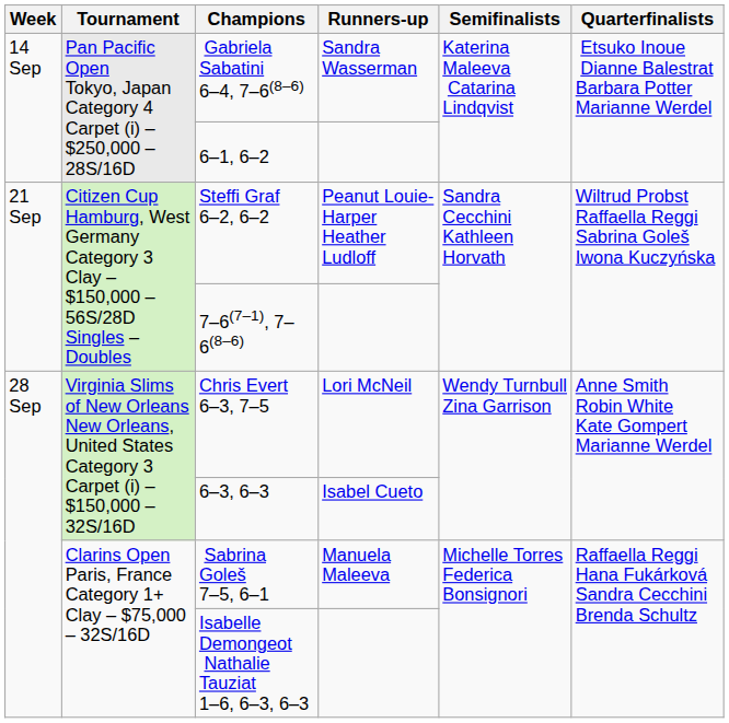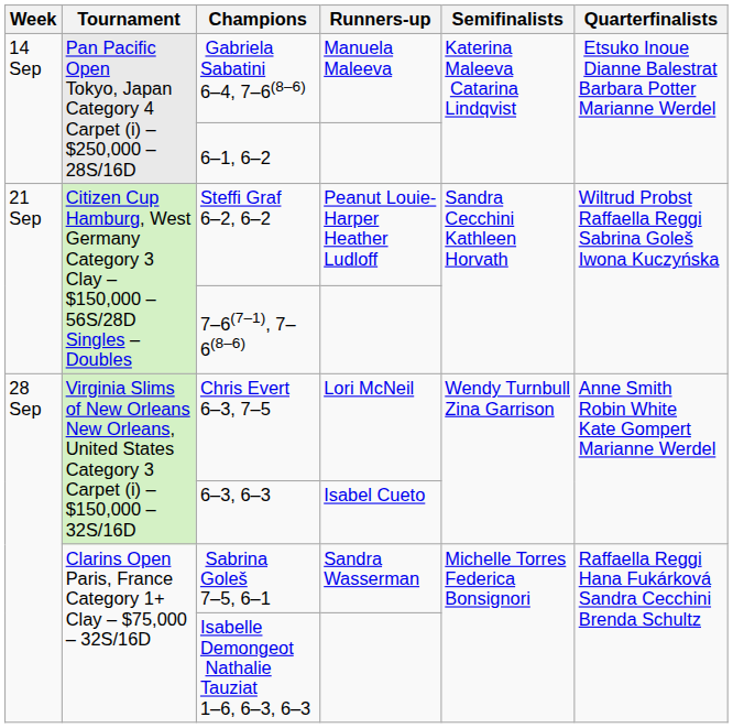 <table class=wikitable style=font-size:95%>
 <tr>
 <th style="width:48px;">Week</th>
 <th style="width:248px;">Tournament</th>
 <th style="width:200px;">Champions</th>
 <th style="width:200px;">Runners-up</th>
 <th style="width:190px;">Semifinalists</th>
 <th style="width:190px;">Quarterfinalists</th>
 </tr>
 <tr valign=top>
 <td rowspan=2>14 Sep</td>
 <td rowspan=2 style="background:#e9e9e9;"><a href='#'>Pan Pacific Open</a><br>Tokyo, Japan <br> Category 4 <br> Carpet (i) – $250,000 – 28S/16D</td>
 <td> <a href='#'>Gabriela Sabatini</a><br>6–4, 7–6<sup>(8–6)</sup></td>
-<td> <a href='#'>Sandra Wasserman</a></td>
+<td> <a href='#'>Manuela Maleeva</a></td>
 <td rowspan=2> <a href='#'>Katerina Maleeva</a><br> <a href='#'>Catarina Lindqvist</a> <br></td>
 <td rowspan=2> <a href='#'>Etsuko Inoue</a><br> <a href='#'>Dianne Balestrat</a><br> <a href='#'>Barbara Potter</a> <br> <a href='#'>Marianne Werdel</a></td>
 </tr>
 <tr valign="top">
 <td> <br>6–1, 6–2</td>
 <td></td>
 </tr>
 <tr valign=top>
 <td rowspan=2>21 Sep</td>
 <td rowspan=2 style="background:#d4f1c5;"><a href='#'>Citizen Cup</a><br><a href='#'>Hamburg</a>, West Germany <br> Category 3 <br> Clay – $150,000 – 56S/28D <br><a href='#'>Singles</a> – <a href='#'>Doubles</a></td>
 <td> <a href='#'>Steffi Graf</a> <br>6–2, 6–2</td>
 <td> <a href='#'>Peanut Louie-Harper</a> <br>  <a href='#'>Heather Ludloff</a></td>
 <td rowspan=2> <a href='#'>Sandra Cecchini</a> <br> <a href='#'>Kathleen Horvath</a> <br></td>
 <td rowspan=2> <a href='#'>Wiltrud Probst</a> <br> <a href='#'>Raffaella Reggi</a> <br>  <a href='#'>Sabrina Goleš</a> <br> <a href='#'>Iwona Kuczyńska</a></td>
 </tr>
 <tr valign="top">
 <td> <br>7–6<sup>(7–1)</sup>, 7–6<sup>(8–6)</sup></td>
 <td></td>
 </tr>
 <tr valign=top>
 <td rowspan=4>28 Sep</td>
 <td rowspan=2 style="background:#d4f1c5;"><a href='#'>Virginia Slims of New Orleans</a><br><a href='#'>New Orleans</a>, United States <br> Category 3 <br> Carpet (i) – $150,000 – 32S/16D</td>
 <td> <a href='#'>Chris Evert</a><br>6–3, 7–5</td>
 <td> <a href='#'>Lori McNeil</a></td>
 <td rowspan=2> <a href='#'>Wendy Turnbull</a> <br> <a href='#'>Zina Garrison</a></td>
 <td rowspan=2> <a href='#'>Anne Smith</a> <br> <a href='#'>Robin White</a> <br> <a href='#'>Kate Gompert</a> <br> <a href='#'>Marianne Werdel</a></td>
 </tr>
 <tr valign="top">
 <td> 6–3, 6–3</td>
 <td> <a href='#'>Isabel Cueto</a></td>
 </tr>
 <tr valign="top">
 <td rowspan=2><a href='#'>Clarins Open</a><br>Paris, France<br>Category 1+ <br>Clay – $75,000 – 32S/16D</td>
 <td> <a href='#'>Sabrina Goleš</a><br> 7–5, 6–1</td>
-<td> <a href='#'>Manuela Maleeva</a></td>
+<td> <a href='#'>Sandra Wasserman</a></td>
 <td rowspan=2> <a href='#'>Michelle Torres</a> <br>  <a href='#'>Federica Bonsignori</a></td>
 <td rowspan=2> <a href='#'>Raffaella Reggi</a> <br> <a href='#'>Hana Fukárková</a> <br> <a href='#'>Sandra Cecchini</a> <br> <a href='#'>Brenda Schultz</a></td>
 </tr>
 <tr valign="top">
 <td> <a href='#'>Isabelle Demongeot</a> <br>  <a href='#'>Nathalie Tauziat</a> <br> 1–6, 6–3, 6–3</td>
 <td></td>
 </tr>
 </table>
